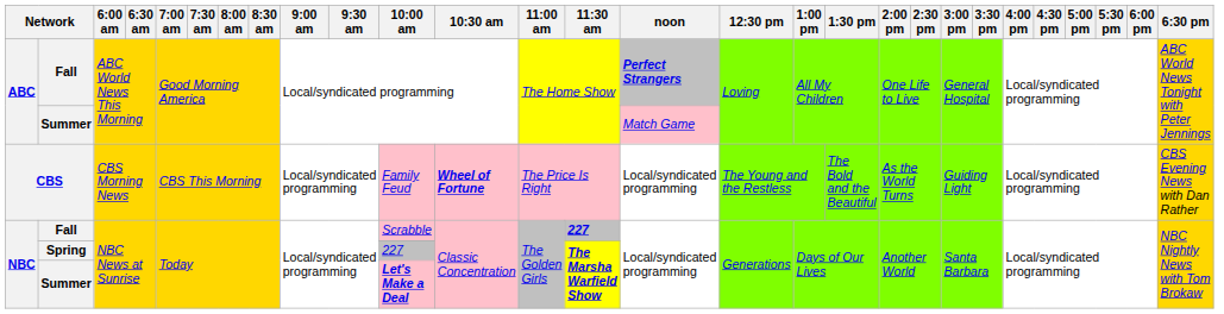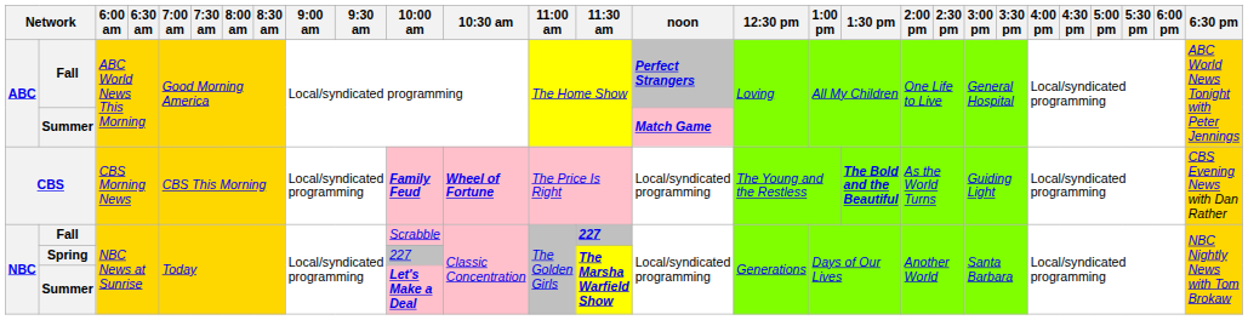 <table class=wikitable>
 <tr>
 <th bgcolor="#C0C0C0" colspan="2">Network</th>
 <th width="13%" bgcolor="#C0C0C0">6:00 am</th>
 <th width="14%" bgcolor="#C0C0C0">6:30 am</th>
 <th width="13%" bgcolor="#C0C0C0">7:00 am</th>
 <th width="14%" bgcolor="#C0C0C0">7:30 am</th>
 <th width="13%" bgcolor="#C0C0C0">8:00 am</th>
 <th width="14%" bgcolor="#C0C0C0">8:30 am</th>
 <th width="13%" bgcolor="#C0C0C0">9:00 am</th>
 <th width="14%" bgcolor="#C0C0C0">9:30 am</th>
 <th width="13%" bgcolor="#C0C0C0">10:00 am</th>
 <th width="14%" bgcolor="#C0C0C0">10:30 am</th>
 <th width="13%" bgcolor="#C0C0C0">11:00 am</th>
 <th width="14%" bgcolor="#C0C0C0">11:30 am</th>
 <th width="13%" bgcolor="#C0C0C0">noon</th>
 <th width="14%" bgcolor="#C0C0C0">12:30 pm</th>
 <th width="13%" bgcolor="#C0C0C0">1:00 pm</th>
 <th width="14%" bgcolor="#C0C0C0">1:30 pm</th>
 <th width="13%" bgcolor="#C0C0C0">2:00 pm</th>
 <th width="14%" bgcolor="#C0C0C0">2:30 pm</th>
 <th width="13%" bgcolor="#C0C0C0">3:00 pm</th>
 <th width="14%" bgcolor="#C0C0C0">3:30 pm</th>
 <th width="13%" bgcolor="#C0C0C0">4:00 pm</th>
 <th width="14%" bgcolor="#C0C0C0">4:30 pm</th>
 <th width="14%" bgcolor="#C0C0C0">5:00 pm</th>
 <th width="14%" bgcolor="#C0C0C0">5:30 pm</th>
 <th width="13%" bgcolor="#C0C0C0">6:00 pm</th>
 <th width="13%" bgcolor="#C0C0C0">6:30 pm</th>
 </tr>
 <tr>
 <th bgcolor="#C0C0C0" rowspan="2"><a href='#'>ABC</a></th>
 <th>Fall</th>
 <td bgcolor="gold" rowspan="2"colspan="2"><em><a href='#'>ABC World News This Morning</a></em></td>
 <td bgcolor="gold" rowspan="2"colspan="4"><em><a href='#'>Good Morning America</a></em></td>
 <td bgcolor="white" rowspan="2"colspan="4">Local/syndicated programming</td>
 <td bgcolor="yellow" rowspan="2"colspan="2"><em><a href='#'>The Home Show</a></em></td>
 <td bgcolor="C0C0C0" rowspan="1"><strong><em><a href='#'>Perfect Strangers</a></em></strong></td>
 <td bgcolor="chartreuse" rowspan="2"><em><a href='#'>Loving</a></em></td>
 <td bgcolor="chartreuse" rowspan="2"colspan="2"><em><a href='#'>All My Children</a></em></td>
 <td bgcolor="chartreuse" rowspan="2"colspan="2"><em><a href='#'>One Life to Live</a></em></td>
 <td bgcolor="chartreuse" rowspan="2"colspan="2"><em><a href='#'>General Hospital</a></em></td>
 <td bgcolor="white" rowspan="2"colspan="5">Local/syndicated programming</td>
 <td bgcolor="gold" rowspan="2"colspan="1"><em><a href='#'>ABC World News Tonight with Peter Jennings</a></em></td>
 </tr>
 <tr>
 <th>Summer</th>
-<td bgcolor="pink" rowspan="1"><em><a href='#'>Match Game</a></em></td>
+<td bgcolor="pink" rowspan="1"><strong><em><a href='#'>Match Game</a></em></strong></td>
 </tr>
 <tr>
 <th bgcolor="#C0C0C0" colspan="2"><a href='#'>CBS</a></th>
 <td bgcolor="gold"colspan="2"><em><a href='#'>CBS Morning News</a></em></td>
 <td bgcolor="gold"colspan="4"><em><a href='#'>CBS This Morning</a></em></td>
 <td bgcolor="white"colspan="2">Local/syndicated programming</td>
-<td bgcolor="pink"><em><a href='#'>Family Feud</a></em></td>
+<td bgcolor="pink"><strong><em><a href='#'>Family Feud</a></em></strong></td>
 <td bgcolor="pink"><strong><em><a href='#'>Wheel of Fortune</a></em></strong></td>
 <td bgcolor="pink"colspan="2"><em><a href='#'>The Price Is Right</a></em></td>
 <td bgcolor="white">Local/syndicated programming</td>
 <td bgcolor="chartreuse"colspan="2"><em><a href='#'>The Young and the Restless</a></em></td>
-<td bgcolor="chartreuse"><em><a href='#'>The Bold and the Beautiful</a></em></td>
+<td bgcolor="chartreuse"><strong><em><a href='#'>The Bold and the Beautiful</a></em></strong></td>
 <td bgcolor="chartreuse"colspan="2"><em><a href='#'>As the World Turns</a></em></td>
 <td bgcolor="chartreuse"colspan="2"><em><a href='#'>Guiding Light</a></em></td>
 <td bgcolor="white"colspan="5">Local/syndicated programming</td>
 <td bgcolor="gold"><em><a href='#'>CBS Evening News</a> with Dan Rather</em></td>
 </tr>
 <tr>
 <th bgcolor="#C0C0C0" rowspan="3"><a href='#'>NBC</a></th>
 <th>Fall</th>
 <td bgcolor="gold" colspan="2"rowspan="3"><em><a href='#'>NBC News at Sunrise</a></em></td>
 <td bgcolor="gold" colspan="4"rowspan="3"><em><a href='#'>Today</a></em></td>
 <td bgcolor="white" colspan="2"rowspan="3">Local/syndicated programming</td>
 <td bgcolor="pink"rowspan="1"><em><a href='#'>Scrabble</a></em></td>
 <td bgcolor="pink"rowspan="3"><em><a href='#'>Classic Concentration</a></em></td>
 <td bgcolor="C0C0C0" rowspan="3"><em><a href='#'>The Golden Girls</a></em></td>
 <td bgcolor="C0C0C0" rowspan="1"><strong><em><a href='#'>227</a></em></strong></td>
 <td bgcolor="white"rowspan="3">Local/syndicated programming</td>
 <td bgcolor="chartreuse"rowspan="3"><em><a href='#'>Generations</a></em></td>
 <td bgcolor="chartreuse" colspan="2"rowspan="3"><em><a href='#'>Days of Our Lives</a></em></td>
 <td bgcolor="chartreuse" colspan="2"rowspan="3"><em><a href='#'>Another World</a></em></td>
 <td bgcolor="chartreuse" colspan="2"rowspan="3"><em><a href='#'>Santa Barbara</a></em></td>
 <td bgcolor="white" colspan="5"rowspan="3">Local/syndicated programming</td>
 <td bgcolor="gold" rowspan="3"><em><a href='#'>NBC Nightly News with Tom Brokaw</a></em></td>
 </tr>
 <tr>
 <th>Spring</th>
 <td bgcolor="C0C0C0" rowspan="1"><em><a href='#'>227</a></em></td>
 <td bgcolor="yellow"rowspan="2"><strong><em><a href='#'>The Marsha Warfield Show</a></em></strong></td>
 </tr>
 <tr>
 <th>Summer</th>
 <td bgcolor="pink"rowspan="1"><strong><em><a href='#'>Let's Make a Deal</a></em></strong></td>
 </tr>
 </table>
